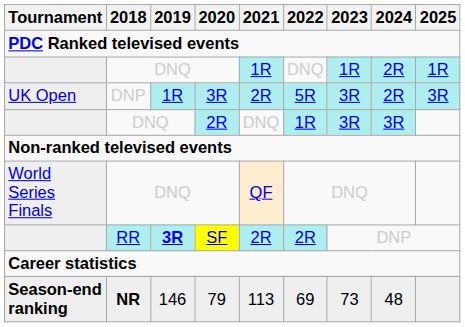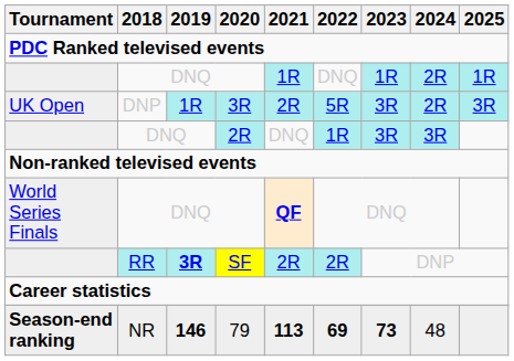 <table class="wikitable" style="width:30%; margin:0">
 <tr>
 <th>Tournament</th>
 <th>2018</th>
 <th>2019</th>
 <th>2020</th>
 <th>2021</th>
 <th>2022</th>
 <th>2023</th>
 <th>2024</th>
 <th>2025</th>
 </tr>
 <tr>
 <td colspan="31" align="left"><strong><a href='#'>PDC</a> Ranked televised events</strong></td>
 </tr>
 <tr>
 <td style="background:#efefef;"></td>
 <td colspan="3" style="text-align:center; color:#ccc;">DNQ</td>
 <td style="text-align:center; background:#afeeee;"><a href='#'>1R</a></td>
 <td style="text-align:center; color:#ccc;">DNQ</td>
 <td style="text-align:center; background:#afeeee;"><a href='#'>1R</a></td>
 <td style="text-align:center; background:#afeeee;"><a href='#'>2R</a></td>
 <td style="text-align:center; background:#afeeee;"><a href='#'>1R</a></td>
 </tr>
 <tr>
 <td style="background:#efefef;"><a href='#'>UK Open</a></td>
 <td style="text-align:center; color:#ccc;">DNP</td>
 <td style="text-align:center; background:#afeeee;"><a href='#'>1R</a></td>
 <td style="text-align:center; background:#afeeee;"><a href='#'>3R</a></td>
 <td style="text-align:center; background:#afeeee;"><a href='#'>2R</a></td>
 <td style="text-align:center; background:#afeeee;"><a href='#'>5R</a></td>
 <td style="text-align:center; background:#afeeee;"><a href='#'>3R</a></td>
 <td style="text-align:center; background:#afeeee;"><a href='#'>2R</a></td>
 <td style="text-align:center; background:#afeeee;"><a href='#'>3R</a></td>
 </tr>
 <tr>
 <td style="background:#efefef;"></td>
 <td colspan="2" style="text-align:center; color:#ccc;">DNQ</td>
 <td style="text-align:center; background:#afeeee;"><a href='#'>2R</a></td>
 <td style="text-align:center; color:#ccc;">DNQ</td>
 <td style="text-align:center; background:#afeeee;"><a href='#'>1R</a></td>
 <td style="text-align:center; background:#afeeee;"><a href='#'>3R</a></td>
 <td style="text-align:center; background:#afeeee;"><a href='#'>3R</a></td>
 <td></td>
 </tr>
 <tr>
 <td colspan="9" align="left"><strong>Non-ranked televised events</strong></td>
 </tr>
 <tr>
 <td style="background:#efefef;"><a href='#'>World Series Finals</a></td>
 <td colspan="3" style="text-align:center; color:#ccc;">DNQ</td>
-<td style="text-align:center; background:#ffebcd;"><a href='#'>QF</a></td>
+<td style="text-align:center; background:#ffebcd;"><strong><a href='#'>QF</a></strong></td>
 <td colspan="3" style="text-align:center; color:#ccc;">DNQ</td>
 <td></td>
 </tr>
 <tr>
 <td style="background:#efefef;"></td>
 <td style="text-align:center; background:#afeeee;"><a href='#'>RR</a></td>
 <td style="text-align:center; background:#afeeee;"><strong><a href='#'>3R</a></strong></td>
 <td style="text-align:center; background:yellow;"><a href='#'>SF</a></td>
 <td style="text-align:center; background:#afeeee;"><a href='#'>2R</a></td>
 <td style="text-align:center; background:#afeeee;"><a href='#'>2R</a></td>
 <td colspan="3" style="text-align:center; color:#ccc;">DNP</td>
 </tr>
 <tr>
 <td colspan="18" align="left"><strong>Career statistics</strong></td>
 </tr>
 <tr>
 </tr>
 <tr bgcolor="efefef">
 <td align="left"><strong>Season-end ranking</strong></td>
-<td style="text-align:center;"><strong>NR</strong></td>
-<td style="text-align:center;">146</td>
+<td style="text-align:center;">NR</td>
+<td style="text-align:center;"><strong>146</strong></td>
 <td style="text-align:center;">79</td>
-<td style="text-align:center;">113</td>
-<td style="text-align:center;">69</td>
-<td style="text-align:center;">73</td>
+<td style="text-align:center;"><strong>113</strong></td>
+<td style="text-align:center;"><strong>69</strong></td>
+<td style="text-align:center;"><strong>73</strong></td>
 <td style="text-align:center;">48</td>
 <td style="text-align:center;"></td>
 </tr>
 </table>
